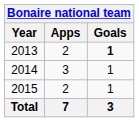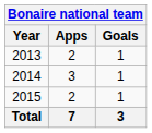 <table class="wikitable" style="text-align:center">
 <tr>
 <th colspan=3><a href='#'>Bonaire national team</a></th>
 </tr>
 <tr>
 <th>Year</th>
 <th>Apps</th>
 <th>Goals</th>
 </tr>
 <tr>
 <td>2013</td>
 <td>2</td>
-<td><strong>1</strong></td>
+<td>1</td>
 </tr>
 <tr>
 <td>2014</td>
 <td>3</td>
 <td>1</td>
 </tr>
 <tr>
 <td>2015</td>
 <td>2</td>
 <td>1</td>
 </tr>
 <tr>
 <th>Total</th>
 <th>7</th>
 <th>3</th>
 </tr>
 </table>
